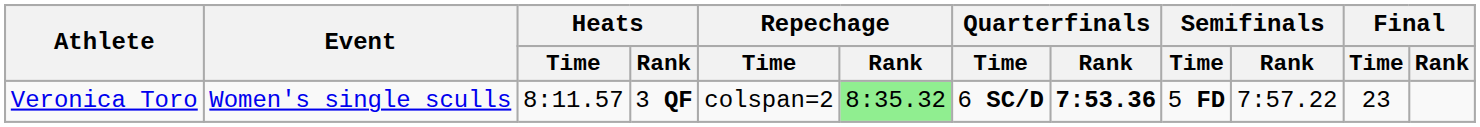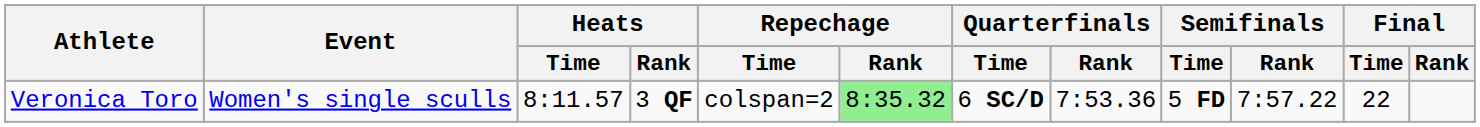 <table class="wikitable" style="font-size:90%">
 <tr>
 <th rowspan="2">Athlete</th>
 <th rowspan="2">Event</th>
 <th colspan="2">Heats</th>
 <th colspan="2">Repechage</th>
 <th colspan="2">Quarterfinals</th>
 <th colspan="2">Semifinals</th>
 <th colspan="2">Final</th>
 </tr>
 <tr style="font-size:95%">
 <th>Time</th>
 <th>Rank</th>
 <th>Time</th>
 <th>Rank</th>
 <th>Time</th>
 <th>Rank</th>
 <th>Time</th>
 <th>Rank</th>
 <th>Time</th>
 <th>Rank</th>
 </tr>
 <tr align=center>
 <td align=left><a href='#'>Veronica Toro</a></td>
 <td align=left><a href='#'>Women's single sculls</a></td>
 <td>8:11.57</td>
 <td>3 <strong>QF</strong></td>
 <td>colspan=2 </td>
 <td style="background: lightgreen;">8:35.32</td>
 <td>6 <strong>SC/D</strong></td>
-<td><strong>7:53.36</strong></td>
+<td>7:53.36</td>
 <td>5 <strong>FD</strong></td>
 <td>7:57.22</td>
-<td>23</td>
+<td>22</td>
 </tr>
 </table>
